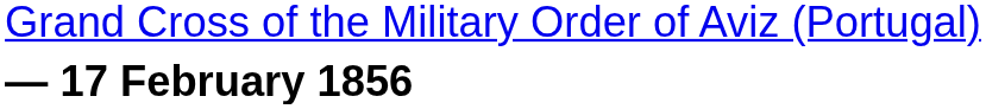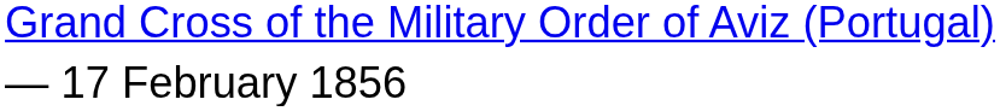 <table>
 <tr>
 <td rowspan=2 style="width:60px; vertical-align:top;"></td>
 <td><a href='#'>Grand Cross of the Military Order of Aviz (Portugal)</a></td>
 </tr>
 <tr>
-<td><strong>— 17 February 1856</strong></td>
+<td>— 17 February 1856</td>
 </tr>
 </table>
